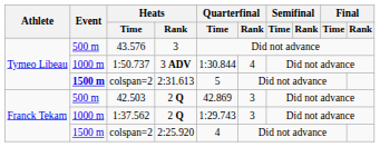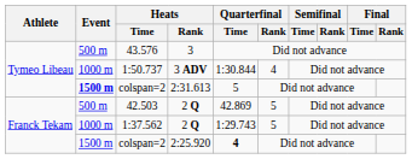 <table class="wikitable" style="font-size:90%">
 <tr>
 <th rowspan=2>Athlete</th>
 <th rowspan=2>Event</th>
 <th colspan=2>Heats</th>
 <th colspan=2>Quarterfinal</th>
 <th colspan=2>Semifinal</th>
 <th colspan=2>Final</th>
 </tr>
 <tr style="font-size:95%">
 <th>Time</th>
 <th>Rank</th>
 <th>Time</th>
 <th>Rank</th>
 <th>Time</th>
 <th>Rank</th>
 <th>Time</th>
 <th>Rank</th>
 </tr>
 <tr align=center>
 <td align=left rowspan=3><a href='#'>Tymeo Libeau</a></td>
 <td align=left><a href='#'>500 m</a></td>
 <td>43.576</td>
 <td>3</td>
 <td colspan=6>Did not advance</td>
 </tr>
 <tr align=center>
 <td align=left><a href='#'>1000 m</a></td>
 <td>1:50.737</td>
 <td>3 <strong>ADV</strong></td>
 <td>1:30.844</td>
 <td>4</td>
 <td colspan=4>Did not advance</td>
 </tr>
 <tr align=center>
 <td align=left><strong><a href='#'>1500 m</a></strong></td>
 <td>colspan=2</td>
 <td>2:31.613</td>
 <td>5</td>
 <td colspan=4>Did not advance</td>
 </tr>
 <tr align=center>
 <td align=left rowspan=3><a href='#'>Franck Tekam</a></td>
 <td align=left><a href='#'>500 m</a></td>
 <td>42.503</td>
 <td>2 <strong>Q</strong></td>
 <td>42.869</td>
-<td>3</td>
+<td>5</td>
 <td colspan=4>Did not advance</td>
 </tr>
 <tr align=center>
 <td align=left><a href='#'>1000 m</a></td>
 <td>1:37.562</td>
 <td>2 <strong>Q</strong></td>
 <td>1:29.743</td>
-<td>3</td>
+<td>5</td>
 <td colspan=4>Did not advance</td>
 </tr>
 <tr align=center>
 <td align=left><a href='#'>1500 m</a></td>
 <td>colspan=2</td>
 <td>2:25.920</td>
-<td>4</td>
+<td><strong>4</strong></td>
 <td colspan=4>Did not advance</td>
 </tr>
 </table>
